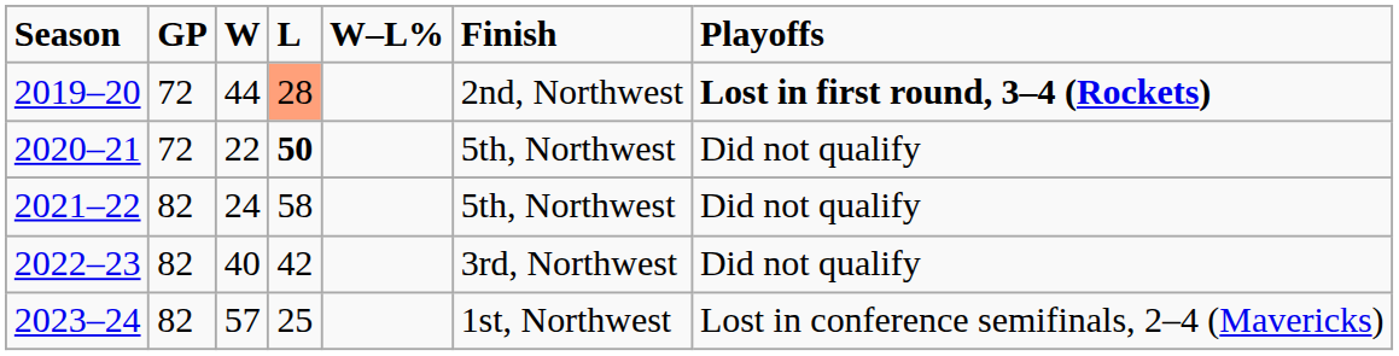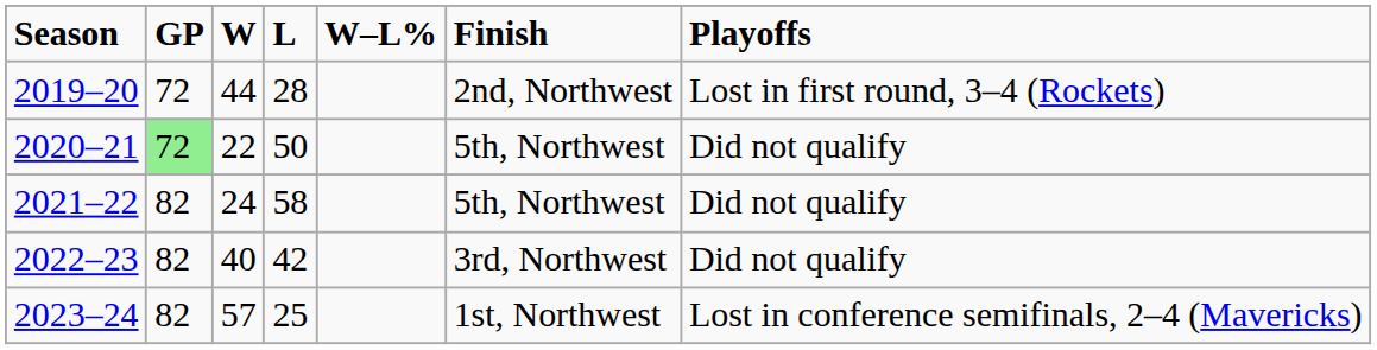 <table class="wikitable">
 <tr style="font-weight:bold; ">
 <td>Season</td>
 <td>GP</td>
 <td>W</td>
 <td>L</td>
 <td>W–L%</td>
 <td>Finish</td>
 <td>Playoffs</td>
 </tr>
 <tr>
 <td><a href='#'>2019–20</a></td>
 <td>72</td>
 <td>44</td>
-<td style="background: lightsalmon;">28</td>
+<td>28</td>
 <td></td>
 <td>2nd, Northwest</td>
-<td><strong>Lost in first round, 3–4 (<a href='#'>Rockets</a>)</strong></td>
+<td>Lost in first round, 3–4 (<a href='#'>Rockets</a>)</td>
 </tr>
 <tr>
 <td><a href='#'>2020–21</a></td>
-<td>72</td>
+<td style="background: lightgreen;">72</td>
 <td>22</td>
-<td><strong>50</strong></td>
+<td>50</td>
 <td></td>
 <td>5th, Northwest</td>
 <td>Did not qualify</td>
 </tr>
 <tr>
 <td><a href='#'>2021–22</a></td>
 <td>82</td>
 <td>24</td>
 <td>58</td>
 <td></td>
 <td>5th, Northwest</td>
 <td>Did not qualify</td>
 </tr>
 <tr>
 <td><a href='#'>2022–23</a></td>
 <td>82</td>
 <td>40</td>
 <td>42</td>
 <td></td>
 <td>3rd, Northwest</td>
 <td>Did not qualify</td>
 </tr>
 <tr>
 <td><a href='#'>2023–24</a></td>
 <td>82</td>
 <td>57</td>
 <td>25</td>
 <td></td>
 <td>1st, Northwest</td>
 <td>Lost in conference semifinals, 2–4 (<a href='#'>Mavericks</a>)</td>
 </tr>
 </table>
